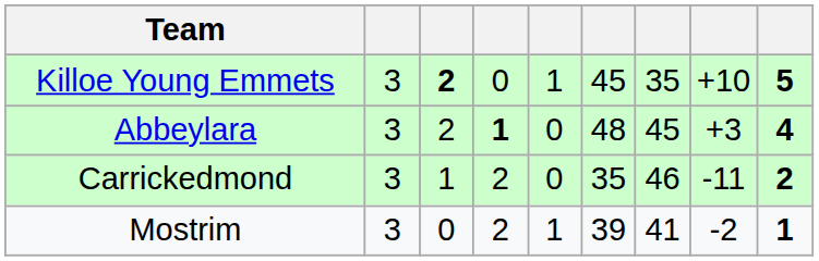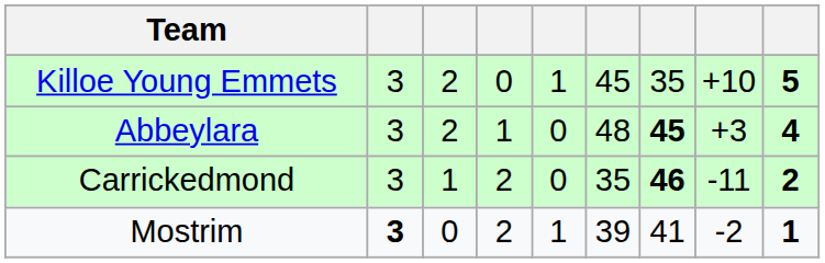 <table class="wikitable" style="text-align:center">
 <tr>
 <th style="width:175px;">Team</th>
 <th width="20"></th>
 <th width="20"></th>
 <th width="20"></th>
 <th width="20"></th>
 <th width="20"></th>
 <th width="20"></th>
 <th width="20"></th>
 <th width="20"></th>
 </tr>
 <tr style="background:#cfc;">
 <td><a href='#'>Killoe Young Emmets</a></td>
 <td>3</td>
-<td><strong>2</strong></td>
+<td>2</td>
 <td>0</td>
 <td>1</td>
 <td>45</td>
 <td>35</td>
 <td>+10</td>
 <td><strong>5</strong></td>
 </tr>
 <tr style="background:#cfc;">
 <td><a href='#'>Abbeylara</a></td>
 <td>3</td>
 <td>2</td>
-<td><strong>1</strong></td>
+<td>1</td>
 <td>0</td>
 <td>48</td>
-<td>45</td>
+<td><strong>45</strong></td>
 <td>+3</td>
 <td><strong>4</strong></td>
 </tr>
 <tr style="background:#cfc;">
 <td>Carrickedmond</td>
 <td>3</td>
 <td>1</td>
 <td>2</td>
 <td>0</td>
 <td>35</td>
-<td>46</td>
+<td><strong>46</strong></td>
 <td>-11</td>
 <td><strong>2</strong></td>
 </tr>
 <tr style="background:#f8f9fa;">
 <td>Mostrim</td>
-<td>3</td>
+<td><strong>3</strong></td>
 <td>0</td>
 <td>2</td>
 <td>1</td>
 <td>39</td>
 <td>41</td>
 <td>-2</td>
 <td><strong>1</strong></td>
 </tr>
 </table>
